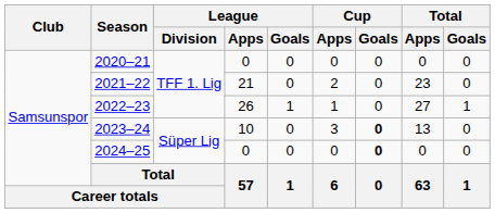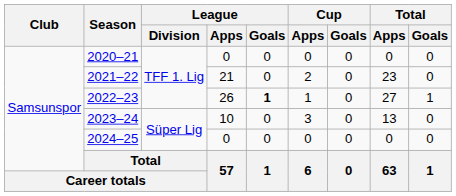 <table class="wikitable" style="text-align: center">
 <tr>
 <th rowspan=2>Club</th>
 <th rowspan=2>Season</th>
 <th colspan=3>League</th>
 <th colspan=2>Cup</th>
 <th colspan=2>Total</th>
 </tr>
 <tr>
 <th>Division</th>
 <th>Apps</th>
 <th>Goals</th>
 <th>Apps</th>
 <th>Goals</th>
 <th>Apps</th>
 <th>Goals</th>
 </tr>
 <tr>
 <td rowspan=6><a href='#'>Samsunspor</a></td>
 <td><a href='#'>2020–21</a></td>
 <td rowspan=3><a href='#'>TFF 1. Lig</a></td>
 <td>0</td>
 <td>0</td>
 <td>0</td>
 <td>0</td>
 <td>0</td>
 <td>0</td>
 </tr>
 <tr>
 <td><a href='#'>2021–22</a></td>
 <td>21</td>
 <td>0</td>
 <td>2</td>
 <td>0</td>
 <td>23</td>
 <td>0</td>
 </tr>
 <tr>
 <td><a href='#'>2022–23</a></td>
 <td>26</td>
-<td>1</td>
+<td><strong>1</strong></td>
 <td>1</td>
 <td>0</td>
 <td>27</td>
 <td>1</td>
 </tr>
 <tr>
 <td><a href='#'>2023–24</a></td>
 <td rowspan=2><a href='#'>Süper Lig</a></td>
 <td>10</td>
 <td>0</td>
 <td>3</td>
-<td><strong>0</strong></td>
+<td>0</td>
 <td>13</td>
 <td>0</td>
 </tr>
 <tr>
 <td><a href='#'>2024–25</a></td>
 <td>0</td>
 <td>0</td>
 <td>0</td>
-<td><strong>0</strong></td>
+<td>0</td>
 <td>0</td>
 <td>0</td>
 </tr>
 <tr>
 <th colspan=2>Total</th>
 <th rowspan=2>57</th>
 <th rowspan=2>1</th>
 <th rowspan=2>6</th>
 <th rowspan=2>0</th>
 <th rowspan=2>63</th>
 <th rowspan=2>1</th>
 </tr>
 <tr>
 <th colspan="3">Career totals</th>
 </tr>
 </table>
